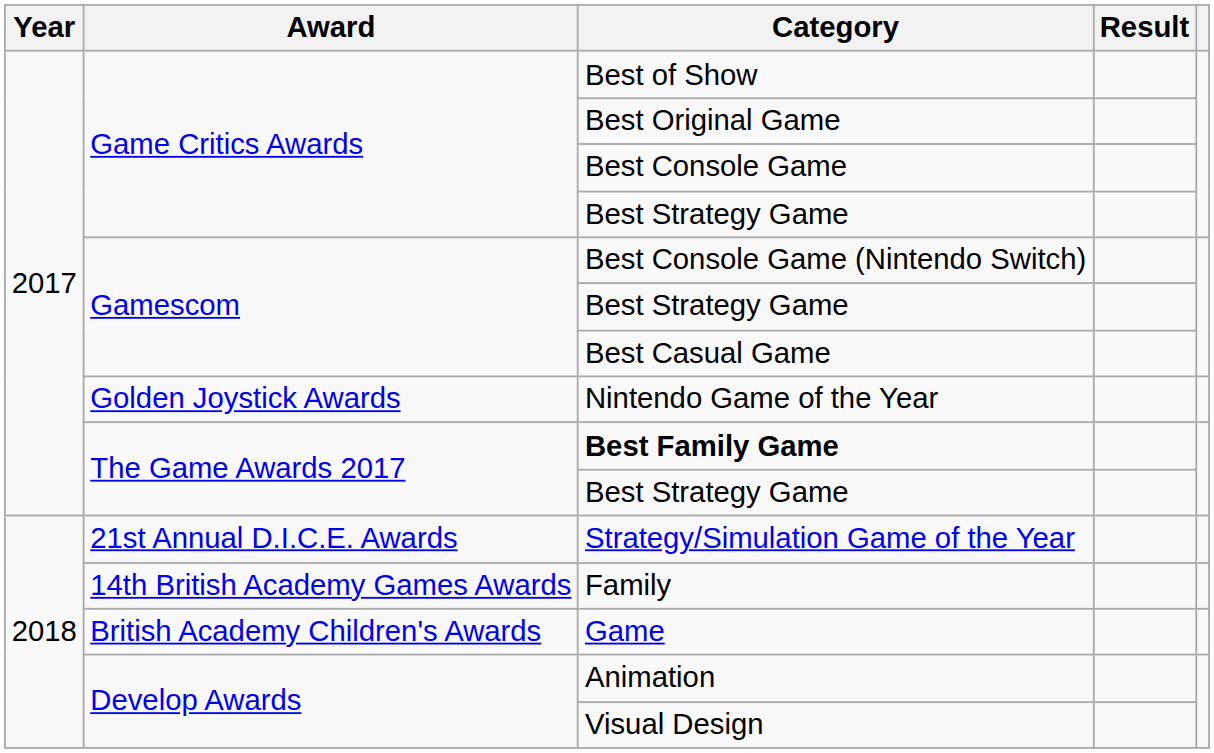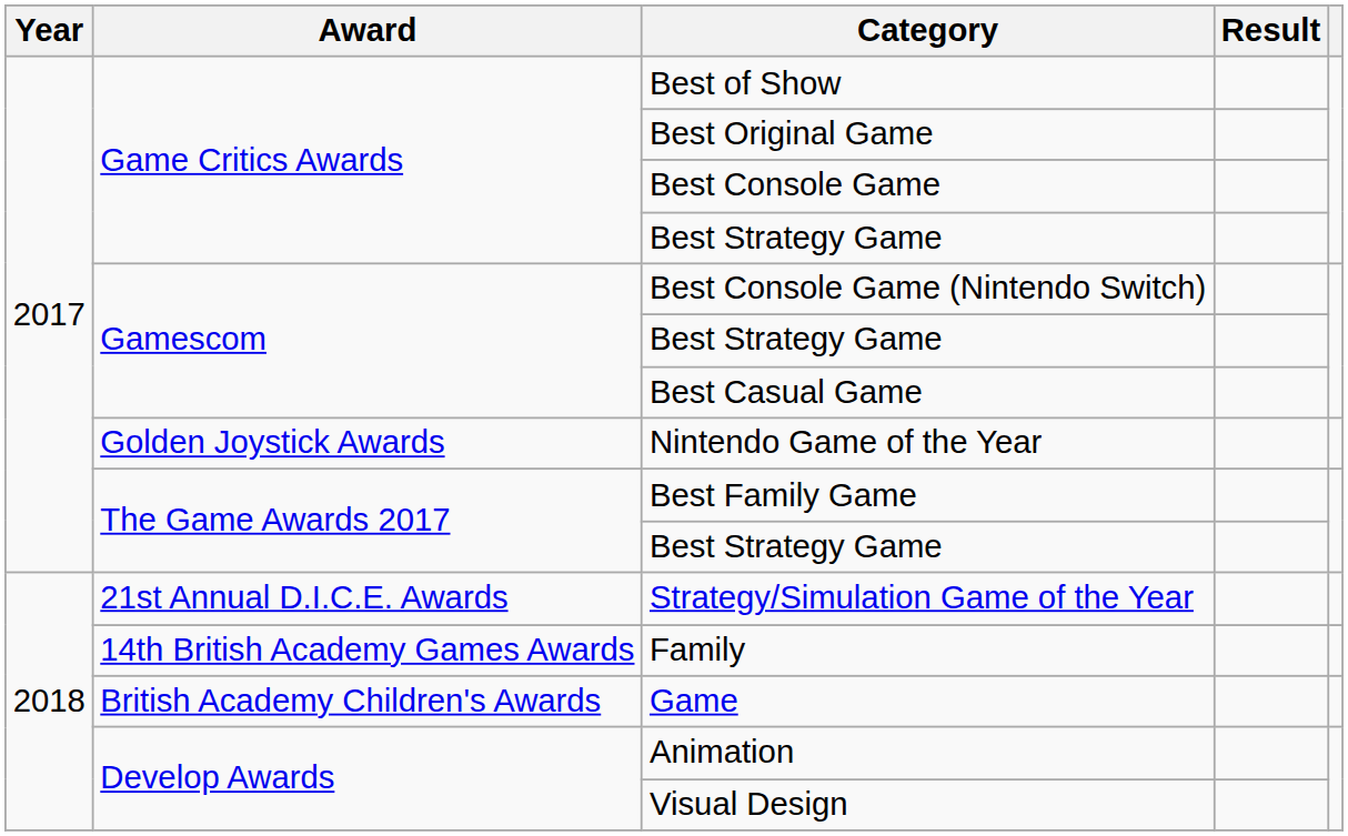 <table class="wikitable sortable">
 <tr>
 <th>Year</th>
 <th>Award</th>
 <th>Category</th>
 <th>Result</th>
 <th></th>
 </tr>
 <tr>
 <td rowspan="10" align="center">2017</td>
 <td rowspan="4"><a href='#'>Game Critics Awards</a></td>
 <td>Best of Show</td>
 <td></td>
 <td rowspan="4" style="text-align:center;"></td>
 </tr>
 <tr>
 <td>Best Original Game</td>
 <td></td>
 </tr>
 <tr>
 <td>Best Console Game</td>
 <td></td>
 </tr>
 <tr>
 <td>Best Strategy Game</td>
 <td></td>
 </tr>
 <tr>
 <td rowspan="3"><a href='#'>Gamescom</a></td>
 <td>Best Console Game (Nintendo Switch)</td>
 <td></td>
 <td rowspan="3" style="text-align:center;"></td>
 </tr>
 <tr>
 <td>Best Strategy Game</td>
 <td></td>
 </tr>
 <tr>
 <td>Best Casual Game</td>
 <td></td>
 </tr>
 <tr>
 <td rowspan="1"><a href='#'>Golden Joystick Awards</a></td>
 <td>Nintendo Game of the Year</td>
 <td></td>
 <td rowspan="1" style="text-align:center;"></td>
 </tr>
 <tr>
 <td rowspan="2"><a href='#'>The Game Awards 2017</a></td>
-<td><strong>Best Family Game</strong></td>
+<td>Best Family Game</td>
 <td></td>
 <td rowspan="2" style="text-align:center;"></td>
 </tr>
 <tr>
 <td>Best Strategy Game</td>
 <td></td>
 </tr>
 <tr>
 <td rowspan="5" align="center">2018</td>
 <td rowspan="1"><a href='#'>21st Annual D.I.C.E. Awards</a></td>
 <td><a href='#'>Strategy/Simulation Game of the Year</a></td>
 <td></td>
 <td rowspan="1" style="text-align:center;"></td>
 </tr>
 <tr>
 <td rowspan="1"><a href='#'>14th British Academy Games Awards</a></td>
 <td>Family</td>
 <td></td>
 <td rowspan="1" style="text-align:center;"></td>
 </tr>
 <tr>
 <td><a href='#'>British Academy Children's Awards</a></td>
 <td><a href='#'>Game</a></td>
 <td></td>
 <td align="center"></td>
 </tr>
 <tr>
 <td rowspan="2"><a href='#'>Develop Awards</a></td>
 <td>Animation</td>
 <td></td>
 <td rowspan="2" style="text-align:center;"></td>
 </tr>
 <tr>
 <td>Visual Design</td>
 <td></td>
 </tr>
 </table>
